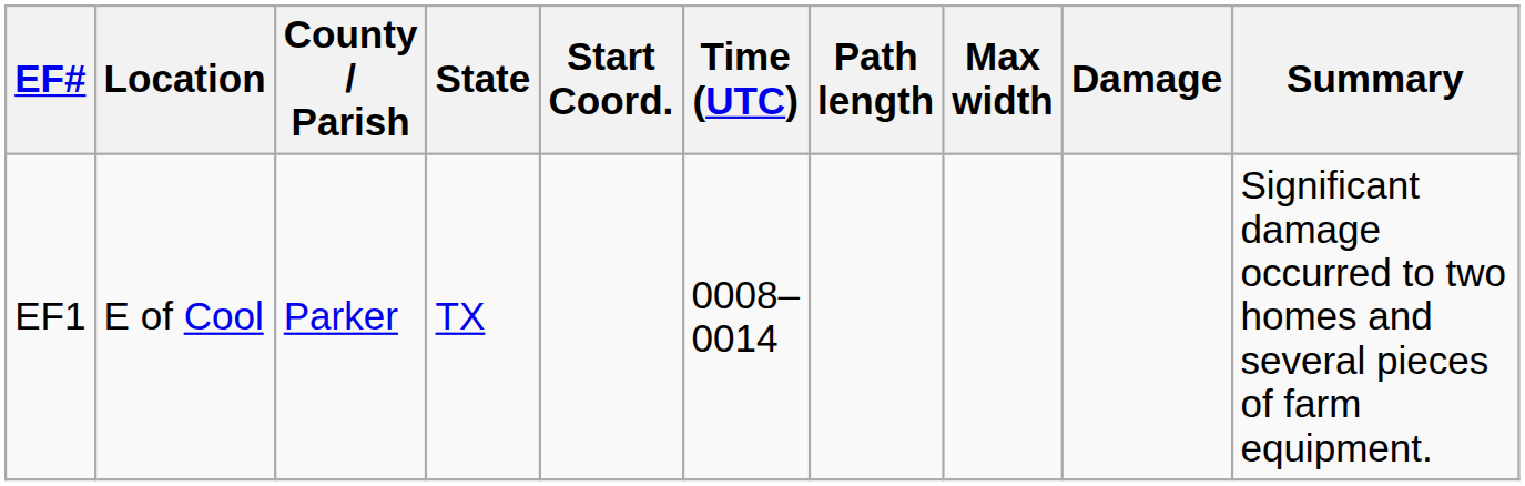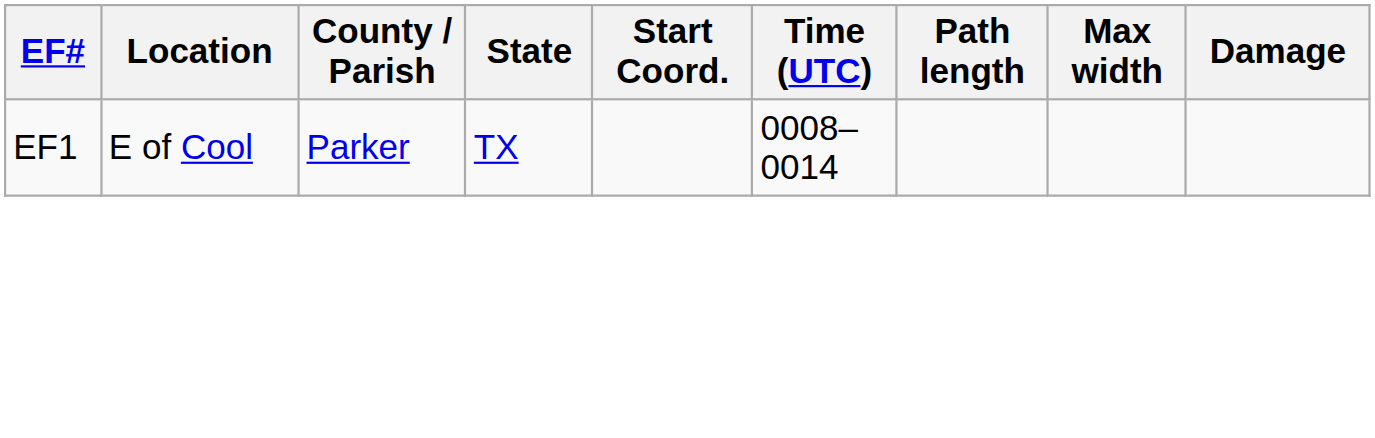 <table class="wikitable sortable" style="width:100%;">
 <tr>
 <th scope="col"  style="width:3%; text-align:center;"><a href='#'>EF#</a></th>
 <th scope="col"  style="width:7%; text-align:center;" class="unsortable">Location</th>
 <th scope="col"  style="width:6%; text-align:center;" class="unsortable">County / Parish</th>
 <th scope="col"  style="width:5%; text-align:center;">State</th>
 <th scope="col"  style="width:6%; text-align:center;">Start Coord.</th>
 <th scope="col"  style="width:6%; text-align:center;">Time (<a href='#'>UTC</a>)</th>
 <th scope="col"  style="width:6%; text-align:center;">Path length</th>
 <th scope="col"  style="width:6%; text-align:center;">Max width</th>
 <th scope="col"  style="width:6%; text-align:center;">Damage</th>
-<th scope="col" class="unsortable" style="width:48%; text-align:center;">Summary</th>
 </tr>
 <tr>
 <td>EF1</td>
 <td>E of <a href='#'>Cool</a></td>
 <td><a href='#'>Parker</a></td>
 <td><a href='#'>TX</a></td>
 <td></td>
 <td>0008–0014</td>
 <td></td>
 <td></td>
 <td></td>
-<td>Significant damage occurred to two homes and several pieces of farm equipment.</td>
 </tr>
 </table>
